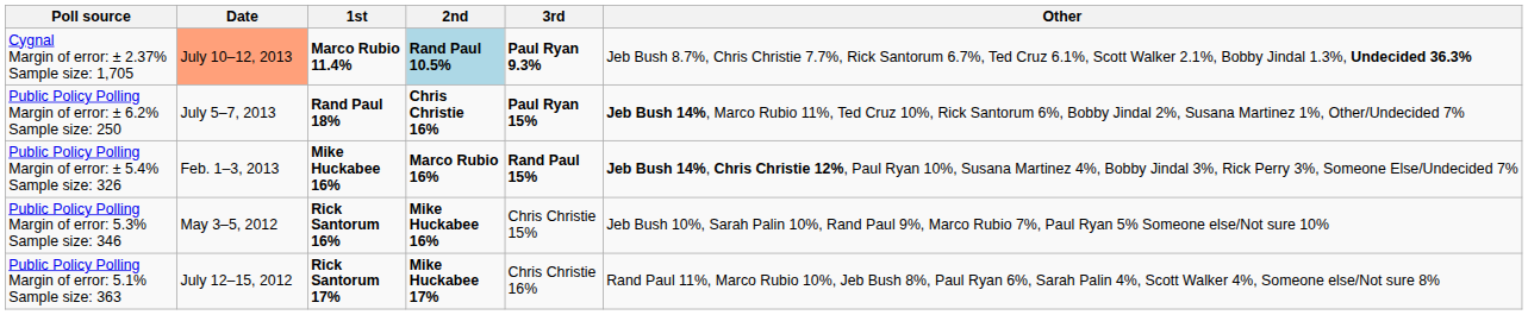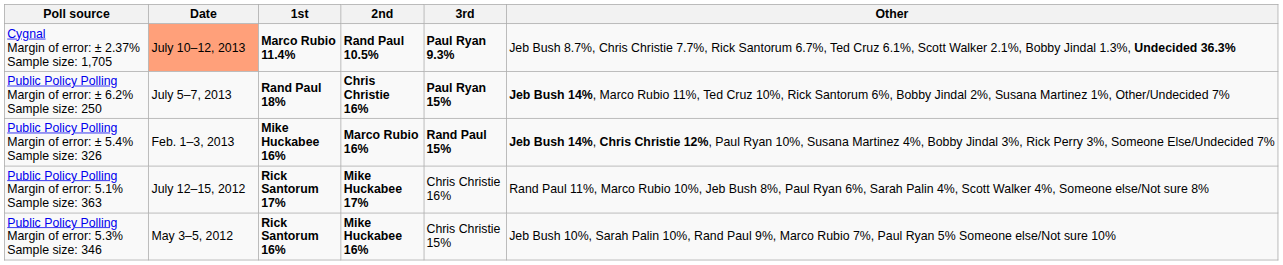 <table class="wikitable">
 <tr>
 <th style="width:180px;">Poll source</th>
 <th style="width:135px;">Date</th>
 <th style="width:100px;">1st</th>
 <th style="width:100px;">2nd</th>
 <th style="width:100px;">3rd</th>
 <th>Other</th>
 </tr>
 <tr>
 <td><a href='#'>Cygnal</a><br>Margin of error: ± 2.37% <br>Sample size: 1,705</td>
 <td style="background: lightsalmon;">July 10–12, 2013</td>
 <td><strong>Marco Rubio<br>11.4%</strong></td>
-<td style="background: lightblue;"><strong>Rand Paul<br>10.5%</strong></td>
+<td><strong>Rand Paul<br>10.5%</strong></td>
 <td><strong>Paul Ryan<br>9.3%</strong></td>
 <td>Jeb Bush 8.7%, Chris Christie 7.7%, Rick Santorum 6.7%, Ted Cruz 6.1%, Scott Walker 2.1%, Bobby Jindal 1.3%, <span><strong>Undecided 36.3%</strong></span></td>
 </tr>
 <tr>
 <td><a href='#'>Public Policy Polling</a><br>Margin of error: ± 6.2% <br>Sample size: 250</td>
 <td>July 5–7, 2013</td>
 <td><strong>Rand Paul<br>18%</strong></td>
 <td><strong>Chris Christie<br>16%</strong></td>
 <td><strong>Paul Ryan<br>15%</strong></td>
 <td><span><strong>Jeb Bush 14%</strong></span>, Marco Rubio 11%, Ted Cruz 10%, Rick Santorum 6%, Bobby Jindal 2%, Susana Martinez 1%, Other/Undecided 7%</td>
 </tr>
 <tr>
 <td><a href='#'>Public Policy Polling</a><br>Margin of error: ± 5.4% <br>Sample size: 326</td>
 <td>Feb. 1–3, 2013</td>
 <td><strong>Mike Huckabee<br>16%</strong></td>
 <td><strong>Marco Rubio<br>16%</strong></td>
 <td><strong>Rand Paul<br>15%</strong></td>
 <td><span><strong>Jeb Bush 14%</strong></span>, <span><strong>Chris Christie 12%</strong></span>, Paul Ryan 10%, Susana Martinez 4%, Bobby Jindal 3%, Rick Perry 3%, Someone Else/Undecided 7%</td>
 </tr>
 <tr>
+<td><a href='#'>Public Policy Polling</a><br>Margin of error: 5.1% <br>Sample size: 363</td>
+<td>July 12–15, 2012</td>
+<td><strong>Rick Santorum<br>17%</strong></td>
+<td><strong>Mike Huckabee<br>17%</strong></td>
+<td>Chris Christie<br>16%</td>
+<td>Rand Paul 11%, Marco Rubio 10%, Jeb Bush 8%, Paul Ryan 6%, Sarah Palin 4%, Scott Walker 4%, Someone else/Not sure 8%</td>
+</tr>
+<tr>
 <td><a href='#'>Public Policy Polling</a><br>Margin of error: 5.3% <br>Sample size: 346</td>
 <td>May 3–5, 2012</td>
 <td><strong>Rick Santorum<br>16%</strong></td>
 <td><strong>Mike Huckabee<br>16%</strong></td>
 <td>Chris Christie<br>15%</td>
 <td>Jeb Bush 10%, Sarah Palin 10%, Rand Paul 9%, Marco Rubio 7%, Paul Ryan 5% Someone else/Not sure 10%</td>
 </tr>
-<tr>
-<td><a href='#'>Public Policy Polling</a><br>Margin of error: 5.1% <br>Sample size: 363</td>
-<td>July 12–15, 2012</td>
-<td><strong>Rick Santorum<br>17%</strong></td>
-<td><strong>Mike Huckabee<br>17%</strong></td>
-<td>Chris Christie<br>16%</td>
-<td>Rand Paul 11%, Marco Rubio 10%, Jeb Bush 8%, Paul Ryan 6%, Sarah Palin 4%, Scott Walker 4%, Someone else/Not sure 8%</td>
-</tr>
 </table>
